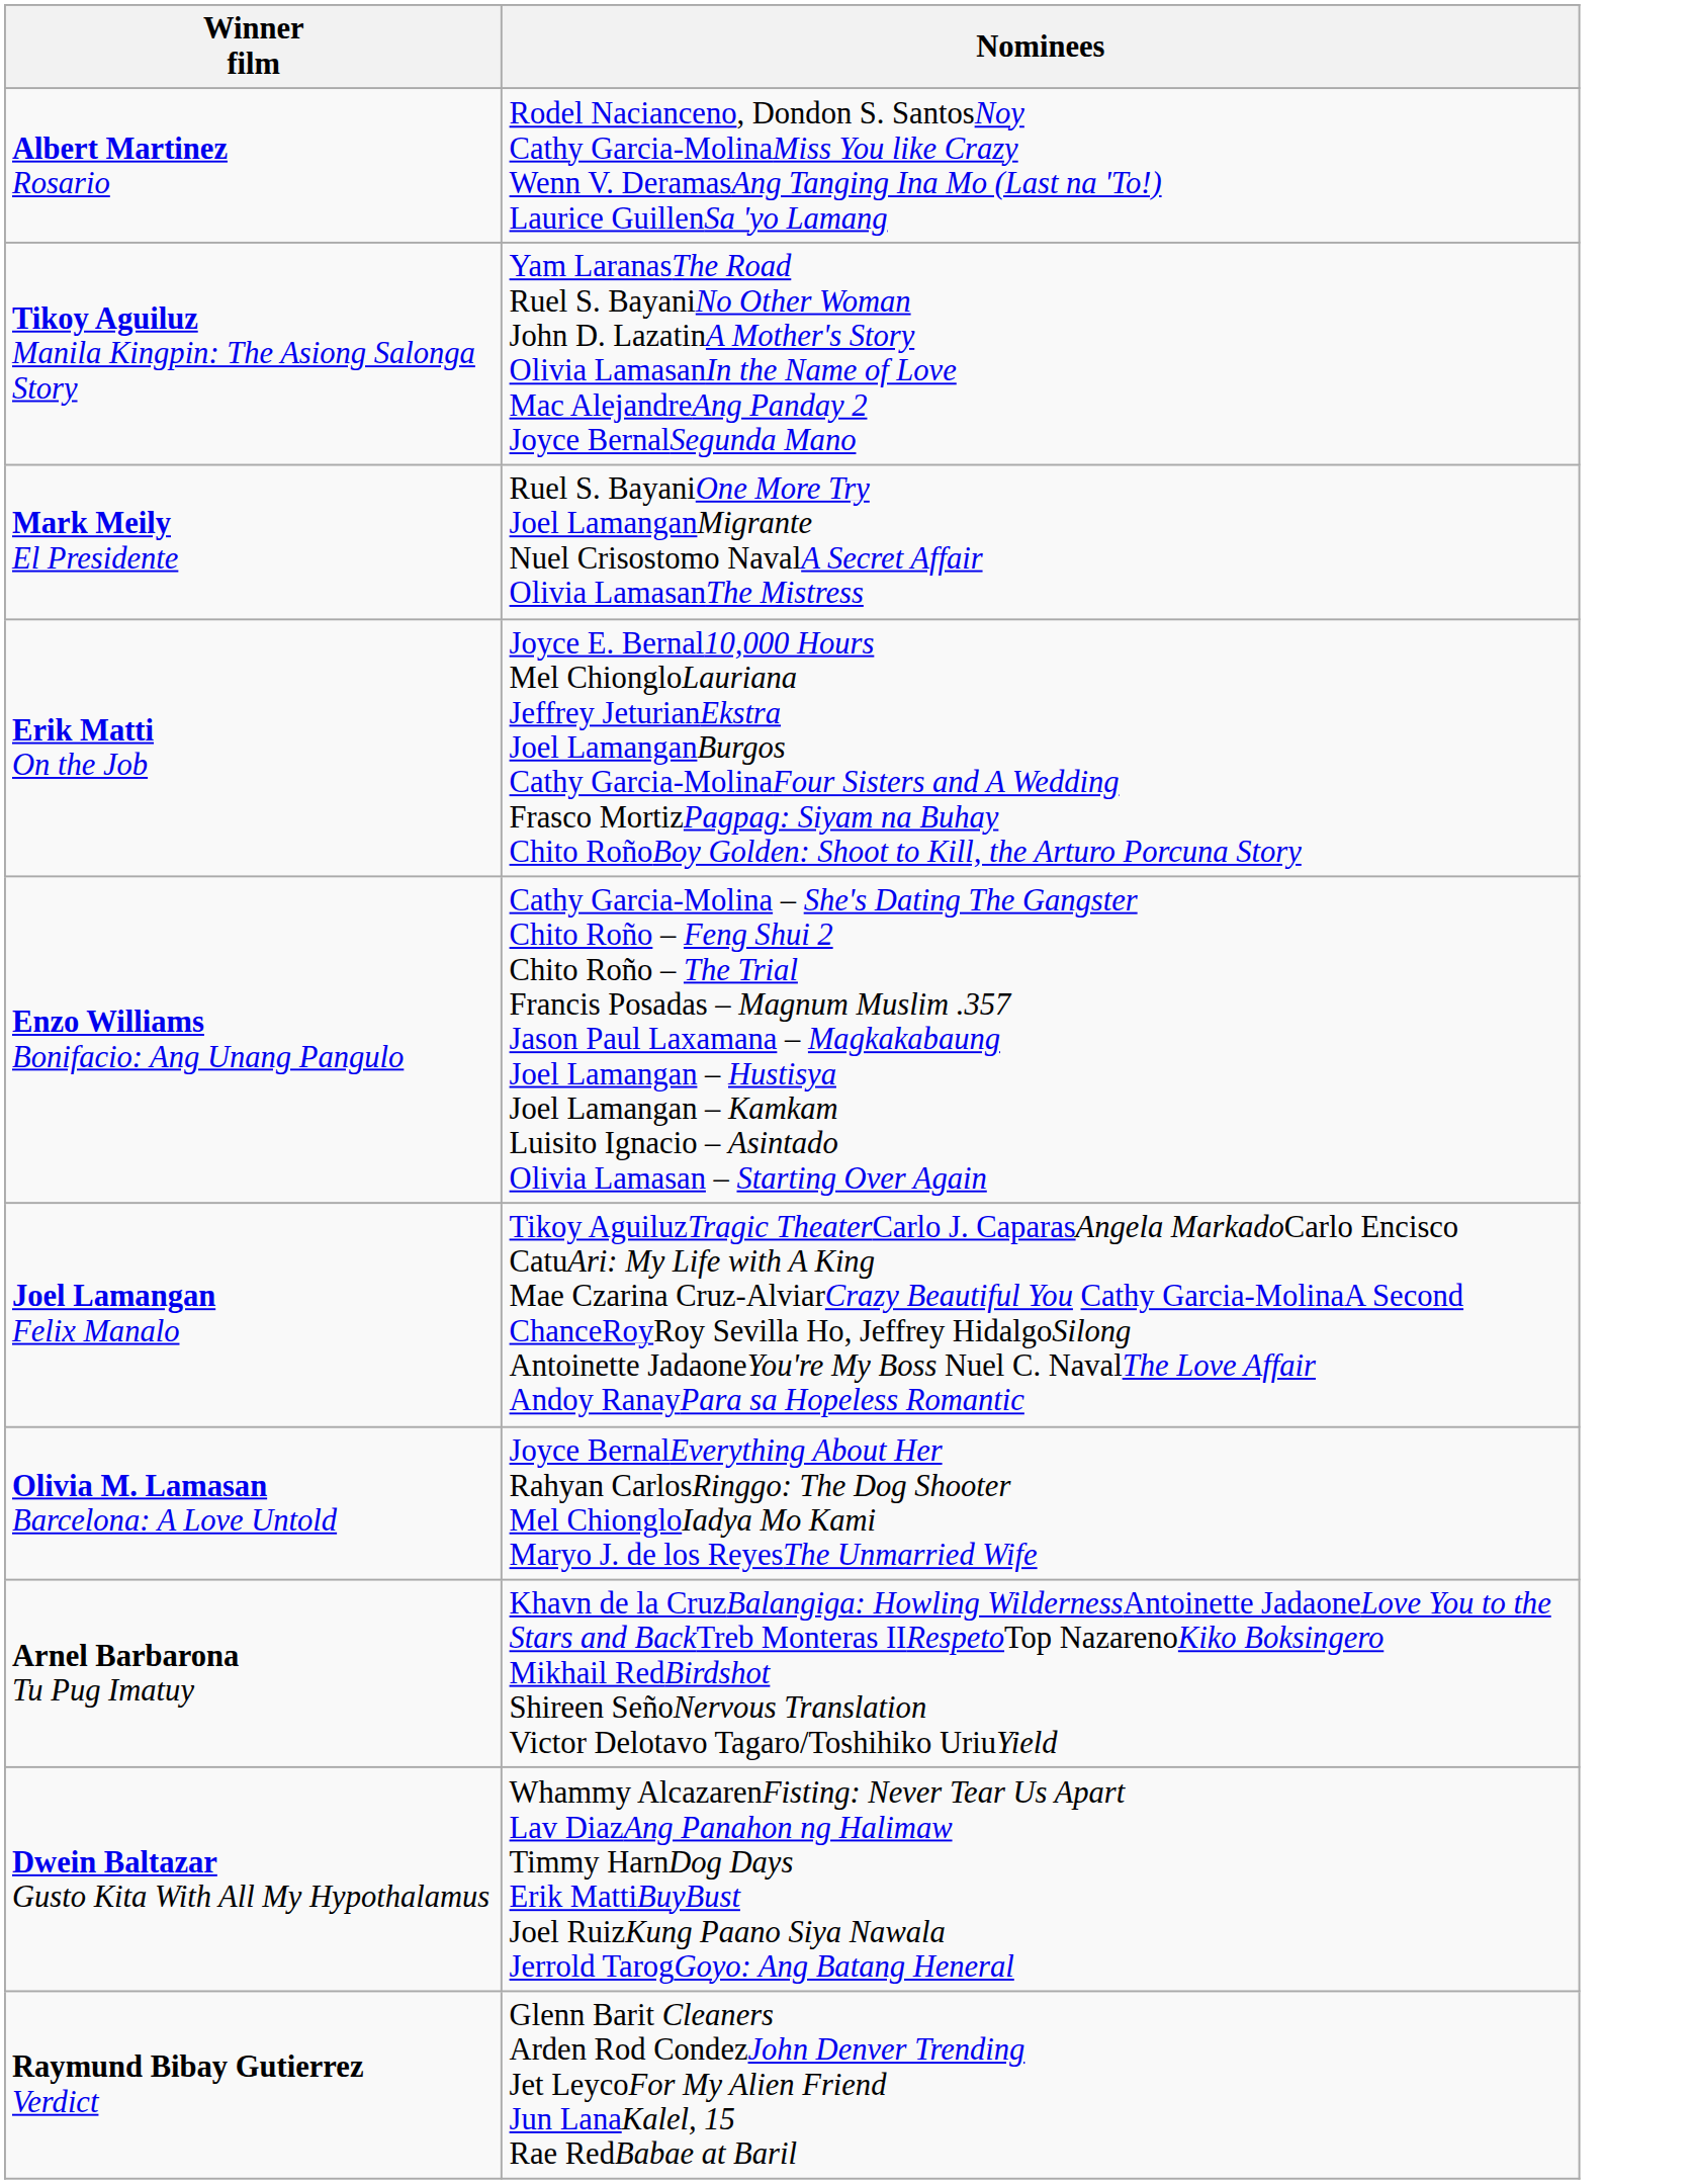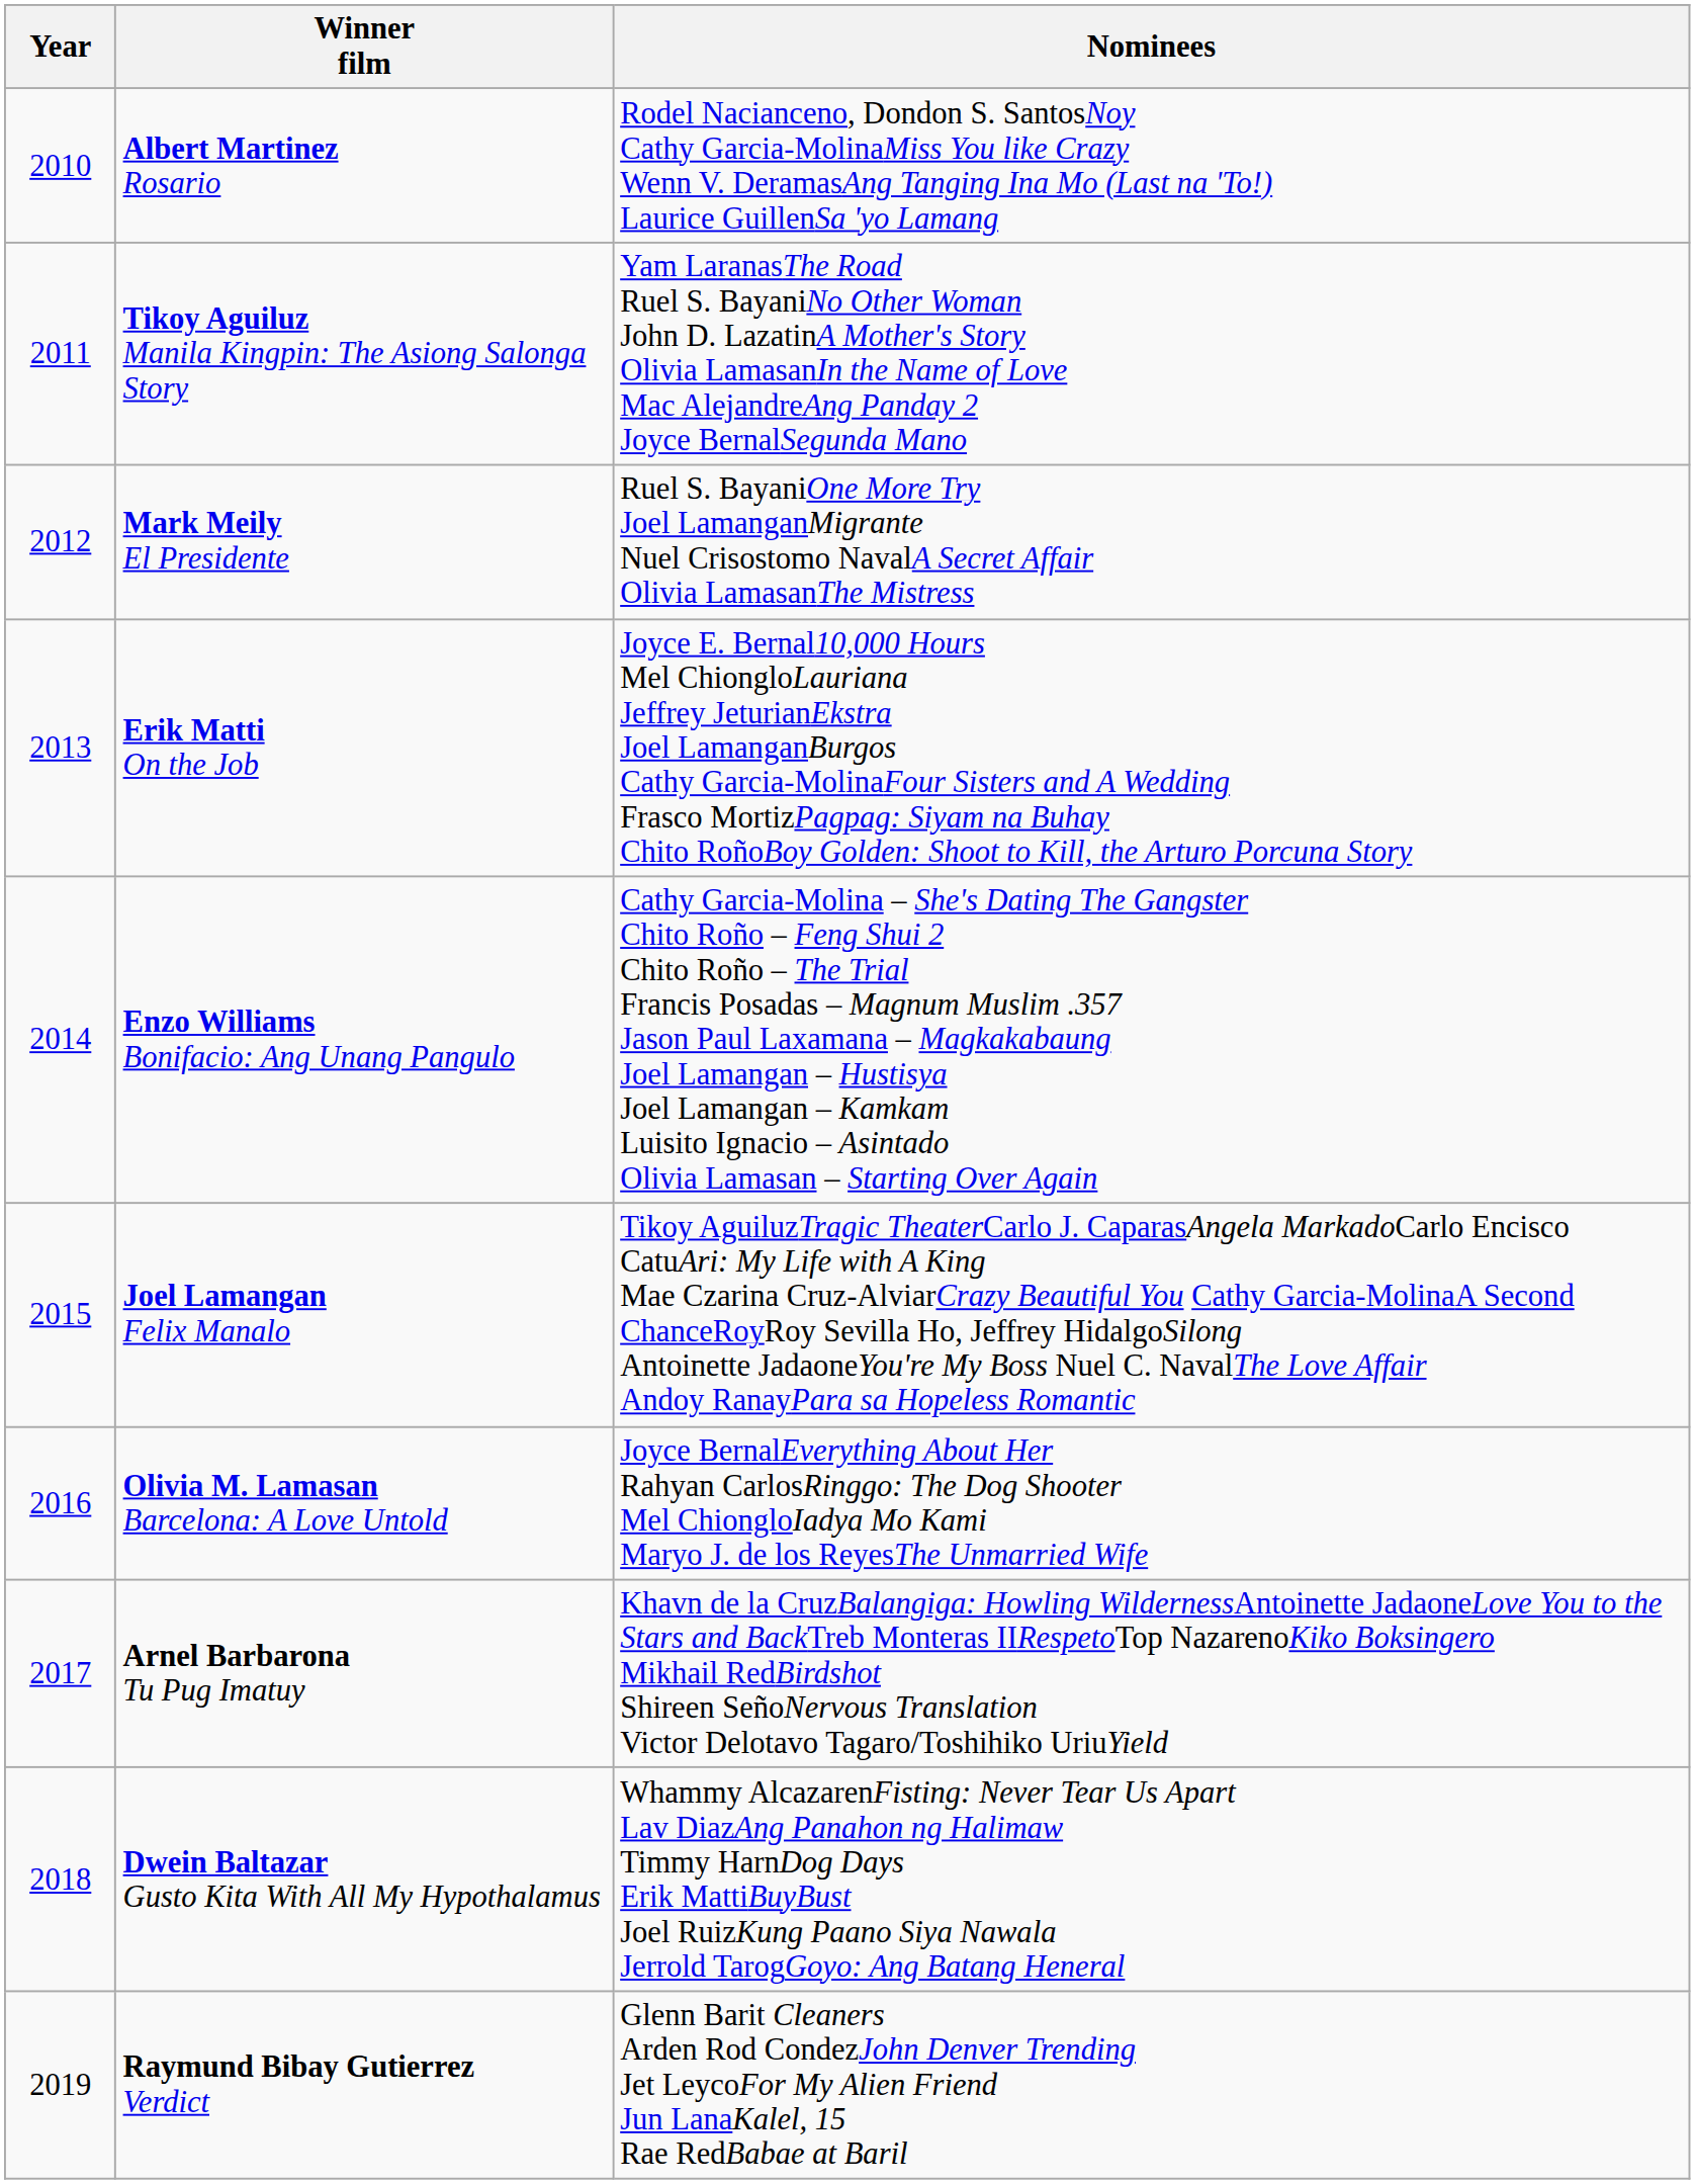 <table class="wikitable">
 <tr>
+<th width="50">Year</th>
 <th width="250">Winner<br>film</th>
 <th width="550">Nominees</th>
 </tr>
 <tr>
+<td align="center"><a href='#'>2010</a></td>
 <td><strong><a href='#'>Albert Martinez</a></strong><br><em><a href='#'>Rosario</a></em></td>
 <td><a href='#'>Rodel Nacianceno</a>, Dondon S. Santos<em><a href='#'>Noy</a></em><br><a href='#'>Cathy Garcia-Molina</a><em><a href='#'>Miss You like Crazy</a></em><br><a href='#'>Wenn V. Deramas</a><em><a href='#'>Ang Tanging Ina Mo (Last na 'To!)</a></em><br><a href='#'>Laurice Guillen</a><em><a href='#'>Sa 'yo Lamang</a></em></td>
 </tr>
 <tr>
+<td align="center"><a href='#'>2011</a></td>
 <td><strong><a href='#'>Tikoy Aguiluz</a></strong><br><em><a href='#'>Manila Kingpin: The Asiong Salonga Story</a></em></td>
 <td><a href='#'>Yam Laranas</a><em><a href='#'>The Road</a></em><br>Ruel S. Bayani<em><a href='#'>No Other Woman</a></em><br>John D. Lazatin<em><a href='#'>A Mother's Story</a></em><br><a href='#'>Olivia Lamasan</a><em><a href='#'>In the Name of Love</a></em><br><a href='#'>Mac Alejandre</a><em><a href='#'>Ang Panday 2</a></em><br><a href='#'>Joyce Bernal</a><em><a href='#'>Segunda Mano</a></em></td>
 </tr>
 <tr>
+<td align="center"><a href='#'>2012</a></td>
 <td><strong><a href='#'>Mark Meily</a></strong><br><em><a href='#'>El Presidente</a></em></td>
 <td>Ruel S. Bayani<em><a href='#'>One More Try</a></em><br><a href='#'>Joel Lamangan</a><em>Migrante</em><br>Nuel Crisostomo Naval<em><a href='#'>A Secret Affair</a></em><br><a href='#'>Olivia Lamasan</a><em><a href='#'>The Mistress</a></em></td>
 </tr>
 <tr>
+<td align="center"><a href='#'>2013</a></td>
 <td><strong><a href='#'>Erik Matti</a></strong><br><em><a href='#'>On the Job</a></em></td>
 <td><a href='#'>Joyce E. Bernal</a><em><a href='#'>10,000 Hours</a></em><br>Mel Chionglo<em>Lauriana</em><br><a href='#'>Jeffrey Jeturian</a><em><a href='#'>Ekstra</a></em><br><a href='#'>Joel Lamangan</a><em>Burgos</em><br><a href='#'>Cathy Garcia-Molina</a><a href='#'><em>Four Sisters and A Wedding</em></a><br>Frasco Mortiz<em><a href='#'>Pagpag: Siyam na Buhay</a></em><br><a href='#'>Chito Roño</a><a href='#'><em>Boy Golden: Shoot to Kill, the Arturo Porcuna Story</em></a></td>
 </tr>
 <tr>
+<td align="center"><a href='#'>2014</a></td>
 <td><strong><a href='#'>Enzo Williams</a></strong><br><em><a href='#'>Bonifacio: Ang Unang Pangulo</a></em></td>
 <td><a href='#'>Cathy Garcia-Molina</a> – <a href='#'><em>She's Dating The Gangster</em></a><br><a href='#'>Chito Roño</a> – <em><a href='#'>Feng Shui 2</a></em><br>Chito Roño – <em><a href='#'>The Trial</a></em><br>Francis Posadas – <em>Magnum Muslim .357</em><br><a href='#'>Jason Paul Laxamana</a> – <em><a href='#'>Magkakabaung</a></em><br><a href='#'>Joel Lamangan</a> – <em><a href='#'>Hustisya</a></em><br>Joel Lamangan – <em>Kamkam</em><br>Luisito Ignacio – <em>Asintado</em><br><a href='#'>Olivia Lamasan</a> – <a href='#'><em>Starting Over Again</em></a></td>
 </tr>
 <tr>
+<td align="center"><a href='#'>2015</a></td>
 <td><strong><a href='#'>Joel Lamangan</a> </strong><br><em><a href='#'>Felix Manalo</a></em></td>
 <td><a href='#'>Tikoy Aguiluz</a><em><a href='#'>Tragic Theater</a></em><a href='#'>Carlo J. Caparas</a><em>Angela Markado</em>Carlo Encisco Catu<em>Ari: My Life with A King</em><br>Mae Czarina Cruz-Alviar<em><a href='#'>Crazy Beautiful You</a></em> <a href='#'>Cathy Garcia-Molina</a><a href='#'>A Second ChanceRoy</a>Roy Sevilla Ho, Jeffrey Hidalgo<em>Silong</em><br>Antoinette Jadaone<em>You're My Boss</em> Nuel C. Naval<em><a href='#'>The Love Affair</a></em><br><a href='#'>Andoy Ranay</a><em><a href='#'>Para sa Hopeless Romantic</a></em></td>
 </tr>
 <tr>
+<td align="center"><a href='#'>2016</a></td>
 <td><strong><a href='#'>Olivia M. Lamasan</a> </strong><br><em><a href='#'>Barcelona: A Love Untold</a></em></td>
 <td><a href='#'>Joyce Bernal</a><em><a href='#'>Everything About Her</a><br></em>Rahyan Carlos<em>Ringgo: The Dog Shooter</em><br><a href='#'>Mel Chionglo</a><em>Iadya Mo Kami</em><br><a href='#'>Maryo J. de los Reyes</a><em><a href='#'>The Unmarried Wife</a></em></td>
 </tr>
 <tr>
+<td align="center"><a href='#'>2017</a></td>
 <td><strong>Arnel Barbarona </strong><br><em>Tu Pug Imatuy</em></td>
 <td><a href='#'>Khavn de la Cruz</a><em><a href='#'>Balangiga: Howling Wilderness</a></em><a href='#'>Antoinette Jadaone</a><em><a href='#'>Love You to the Stars and Back</a></em><a href='#'>Treb Monteras II</a><em><a href='#'>Respeto</a></em>Top Nazareno<em><a href='#'>Kiko Boksingero</a></em><br><a href='#'>Mikhail Red</a><em><a href='#'>Birdshot</a></em><br>Shireen Seño<em>Nervous Translation</em><br>Victor Delotavo Tagaro/Toshihiko Uriu<em>Yield</em></td>
 </tr>
 <tr>
+<td align="center"><a href='#'>2018</a></td>
 <td><strong><a href='#'>Dwein Baltazar</a></strong><br><em>Gusto Kita With All My Hypothalamus</em></td>
 <td>Whammy Alcazaren<em>Fisting: Never Tear Us Apart</em><br><a href='#'>Lav Diaz</a><em><a href='#'>Ang Panahon ng Halimaw</a></em><br>Timmy Harn<em>Dog Days</em><br><a href='#'>Erik Matti</a><em><a href='#'>BuyBust</a></em><br>Joel Ruiz<em>Kung Paano Siya Nawala</em><br><a href='#'>Jerrold Tarog</a><em><a href='#'>Goyo: Ang Batang Heneral</a></em></td>
 </tr>
 <tr>
+<td align="center">2019</td>
 <td><strong>Raymund Bibay Gutierrez</strong><br><em><a href='#'>Verdict</a></em></td>
 <td>Glenn Barit <em>Cleaners</em><br>Arden Rod Condez<em><a href='#'>John Denver Trending</a></em><br>Jet Leyco<em>For My Alien Friend</em><br><a href='#'>Jun Lana</a><em>Kalel, 15</em><br>Rae Red<em>Babae at Baril</em></td>
 </tr>
 </table>
